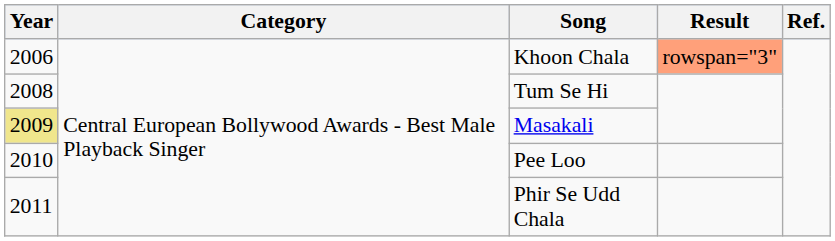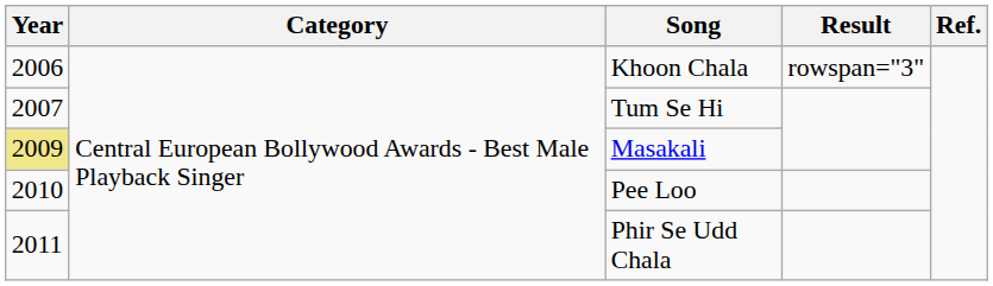 <table class="wikitable">
 <tr ---- bgcolor="#bfd7ff">
 <th>Year</th>
 <th>Category</th>
 <th>Song</th>
 <th>Result</th>
 <th>Ref.</th>
 </tr>
 <tr>
 <td>2006</td>
 <td rowspan="5">Central European Bollywood Awards - Best Male Playback Singer</td>
 <td>Khoon Chala</td>
-<td style="background: lightsalmon;">rowspan="3" </td>
+<td>rowspan="3" </td>
 <td rowspan="5"></td>
 </tr>
 <tr>
-<td>2008</td>
+<td>2007</td>
 <td>Tum Se Hi</td>
 </tr>
 <tr>
 <td style="background: khaki;">2009</td>
 <td><a href='#'>Masakali</a></td>
 </tr>
 <tr>
 <td>2010</td>
 <td>Pee Loo</td>
 <td></td>
 </tr>
 <tr>
 <td>2011</td>
 <td>Phir Se Udd Chala</td>
 <td></td>
 </tr>
 </table>
